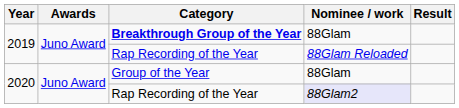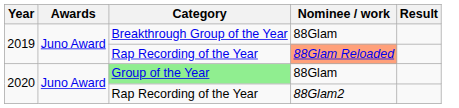 <table class="wikitable">
 <tr>
 <th>Year</th>
 <th>Awards</th>
 <th>Category</th>
 <th>Nominee / work</th>
 <th>Result</th>
 </tr>
 <tr>
 <td rowspan=2>2019</td>
 <td rowspan=2><a href='#'>Juno Award</a></td>
-<td><strong><a href='#'>Breakthrough Group of the Year</a></strong></td>
+<td><a href='#'>Breakthrough Group of the Year</a></td>
 <td>88Glam</td>
 <td></td>
 </tr>
 <tr>
 <td><a href='#'>Rap Recording of the Year</a></td>
-<td><em><a href='#'>88Glam Reloaded</a></em></td>
+<td style="background: lightsalmon;"><em><a href='#'>88Glam Reloaded</a></em></td>
 <td></td>
 </tr>
 <tr>
 <td rowspan=2>2020</td>
 <td rowspan=2><a href='#'>Juno Award</a></td>
-<td><a href='#'>Group of the Year</a></td>
+<td style="background: lightgreen;"><a href='#'>Group of the Year</a></td>
 <td>88Glam</td>
 <td></td>
 </tr>
 <tr>
 <td>Rap Recording of the Year</td>
-<td style="background: lavender;"><em>88Glam2</em></td>
+<td><em>88Glam2</em></td>
 <td></td>
 </tr>
 </table>
